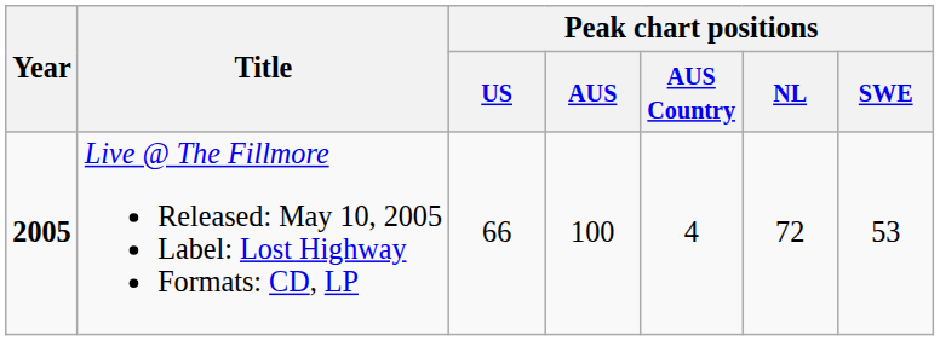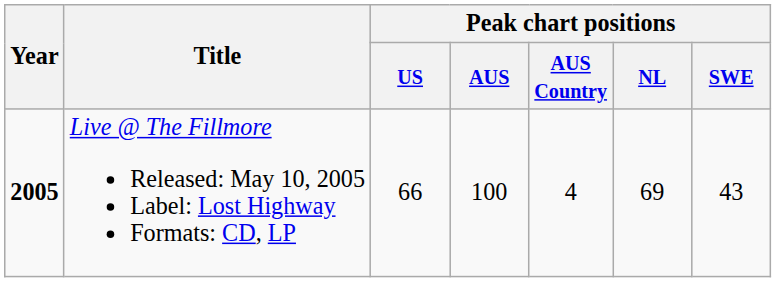 <table class="wikitable plainrowheaders" style="text-align: center">
 <tr>
 <th rowspan="2">Year</th>
 <th rowspan="2">Title</th>
 <th colspan="7">Peak chart positions</th>
 </tr>
 <tr>
 <th style="width:45px;"><small><a href='#'>US</a></small><br></th>
 <th style="width:45px;"><small><a href='#'>AUS</a></small><br></th>
 <th style="width:45px;"><small><a href='#'>AUS Country</a></small></th>
 <th style="width:45px;"><small><a href='#'>NL</a></small><br></th>
 <th style="width:45px;"><small><a href='#'>SWE</a></small><br></th>
 </tr>
 <tr>
 <td><strong>2005</strong></td>
 <td align="left"><em><a href='#'>Live @ The Fillmore</a></em><br><ul><li>Released: May 10, 2005</li><li>Label: <a href='#'>Lost Highway</a></li><li>Formats: <a href='#'>CD</a>, <a href='#'>LP</a></li></ul></td>
 <td style="text-align:center;">66</td>
 <td style="text-align:center;">100</td>
 <td style="text-align:center;">4</td>
-<td style="text-align:center;">72</td>
-<td style="text-align:center;">53</td>
+<td style="text-align:center;">69</td>
+<td style="text-align:center;">43</td>
 </tr>
 </table>
